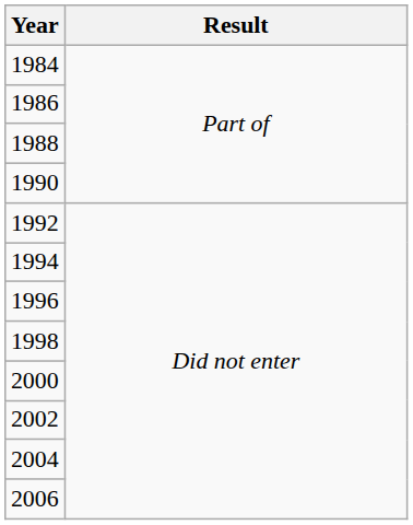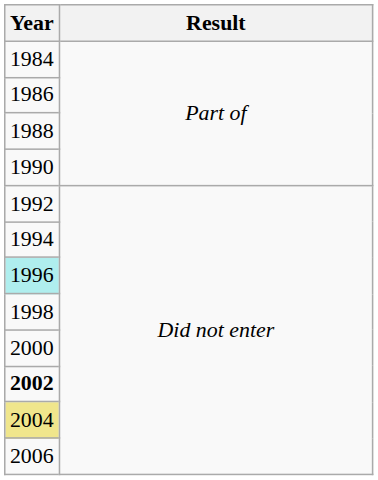 <table class="wikitable" style="text-align: center; font-size:90%">
 <tr>
 <th>Year</th>
 <th style="width:200px">Result</th>
 </tr>
 <tr>
 <td> 1984</td>
 <td rowspan="4"><em>Part of </em></td>
 </tr>
 <tr>
 <td> 1986</td>
 </tr>
 <tr>
 <td> 1988</td>
 </tr>
 <tr>
 <td> 1990</td>
 </tr>
 <tr>
 <td> 1992</td>
 <td rowspan="8"><em>Did not enter</em></td>
 </tr>
 <tr>
 <td> 1994</td>
 </tr>
 <tr>
-<td> 1996</td>
+<td style="background: paleturquoise;"> 1996</td>
 </tr>
 <tr>
 <td> 1998</td>
 </tr>
 <tr>
 <td> 2000</td>
 </tr>
 <tr>
-<td> 2002</td>
+<td><strong> 2002</strong></td>
 </tr>
 <tr>
-<td> 2004</td>
+<td style="background: khaki;"> 2004</td>
 </tr>
 <tr>
 <td> 2006</td>
 </tr>
 </table>
